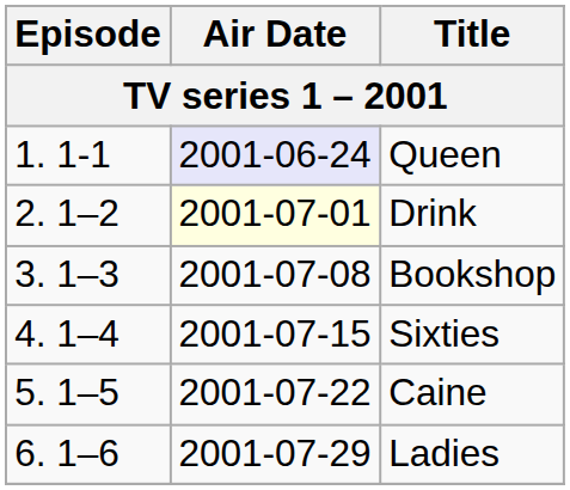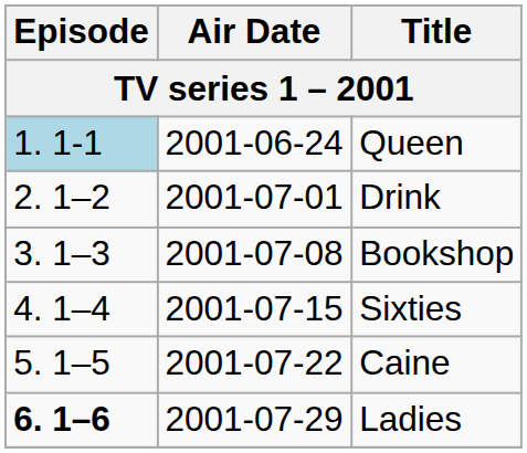 <table class="wikitable">
 <tr>
 <th>Episode</th>
 <th>Air Date</th>
 <th>Title</th>
 </tr>
 <tr>
 <th colspan=3>TV series 1 – 2001</th>
 </tr>
 <tr>
-<td>1.  1-1</td>
-<td style="background: lavender;">2001-06-24</td>
+<td style="background: lightblue;">1.  1-1</td>
+<td>2001-06-24</td>
 <td>Queen</td>
 </tr>
 <tr>
 <td>2. 1–2</td>
-<td style="background: lightyellow;">2001-07-01</td>
+<td>2001-07-01</td>
 <td>Drink</td>
 </tr>
 <tr>
 <td>3. 1–3</td>
 <td>2001-07-08</td>
 <td>Bookshop</td>
 </tr>
 <tr>
 <td>4. 1–4</td>
 <td>2001-07-15</td>
 <td>Sixties</td>
 </tr>
 <tr>
 <td>5. 1–5</td>
 <td>2001-07-22</td>
 <td>Caine</td>
 </tr>
 <tr>
-<td>6. 1–6</td>
+<td><strong>6. 1–6</strong></td>
 <td>2001-07-29</td>
 <td>Ladies</td>
 </tr>
 <tr>
 </tr>
 </table>
